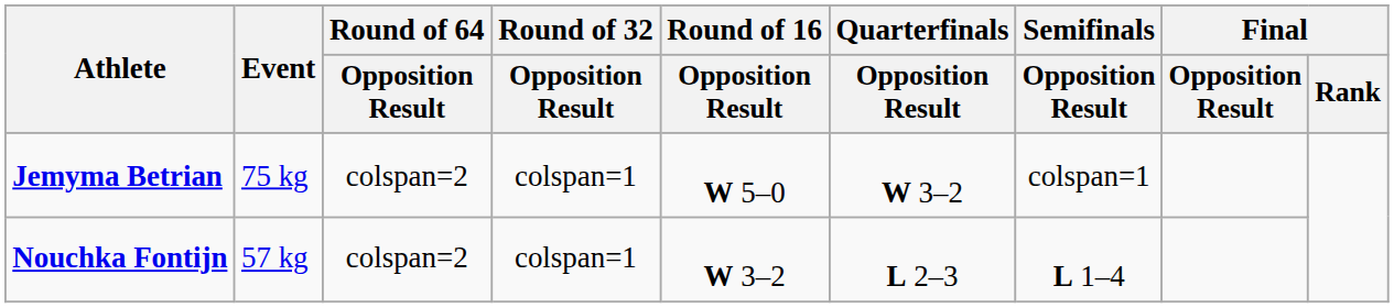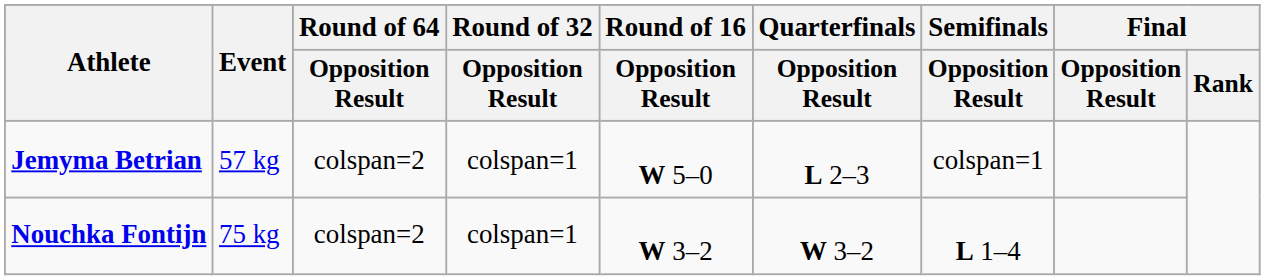 <table class="wikitable" style="text-align:center; font-size:90%">
 <tr>
 <th rowspan=2>Athlete</th>
 <th rowspan=2>Event</th>
 <th>Round of 64</th>
 <th>Round of 32</th>
 <th>Round of 16</th>
 <th>Quarterfinals</th>
 <th>Semifinals</th>
 <th colspan=2>Final</th>
 </tr>
 <tr style="font-size:95%">
 <th>Opposition<br>Result</th>
 <th>Opposition<br>Result</th>
 <th>Opposition<br>Result</th>
 <th>Opposition<br>Result</th>
 <th>Opposition<br>Result</th>
 <th>Opposition<br>Result</th>
 <th>Rank</th>
 </tr>
 <tr>
 <td align=left><strong><a href='#'>Jemyma Betrian</a></strong></td>
-<td align=left><a href='#'>75 kg</a></td>
+<td align=left><a href='#'>57 kg</a></td>
 <td>colspan=2 </td>
 <td>colspan=1 </td>
 <td><br><strong>W</strong> 5–0</td>
-<td><br><strong>W</strong> 3–2</td>
+<td><br><strong>L</strong> 2–3</td>
 <td>colspan=1 </td>
 <td></td>
 </tr>
 <tr>
 <td align=left><strong><a href='#'>Nouchka Fontijn</a></strong></td>
-<td align=left><a href='#'>57 kg</a></td>
+<td align=left><a href='#'>75 kg</a></td>
 <td>colspan=2 </td>
 <td>colspan=1 </td>
 <td><br><strong>W</strong> 3–2</td>
-<td><br><strong>L</strong> 2–3</td>
+<td><br><strong>W</strong> 3–2</td>
 <td><br><strong>L</strong> 1–4</td>
 <td></td>
 </tr>
 </table>
